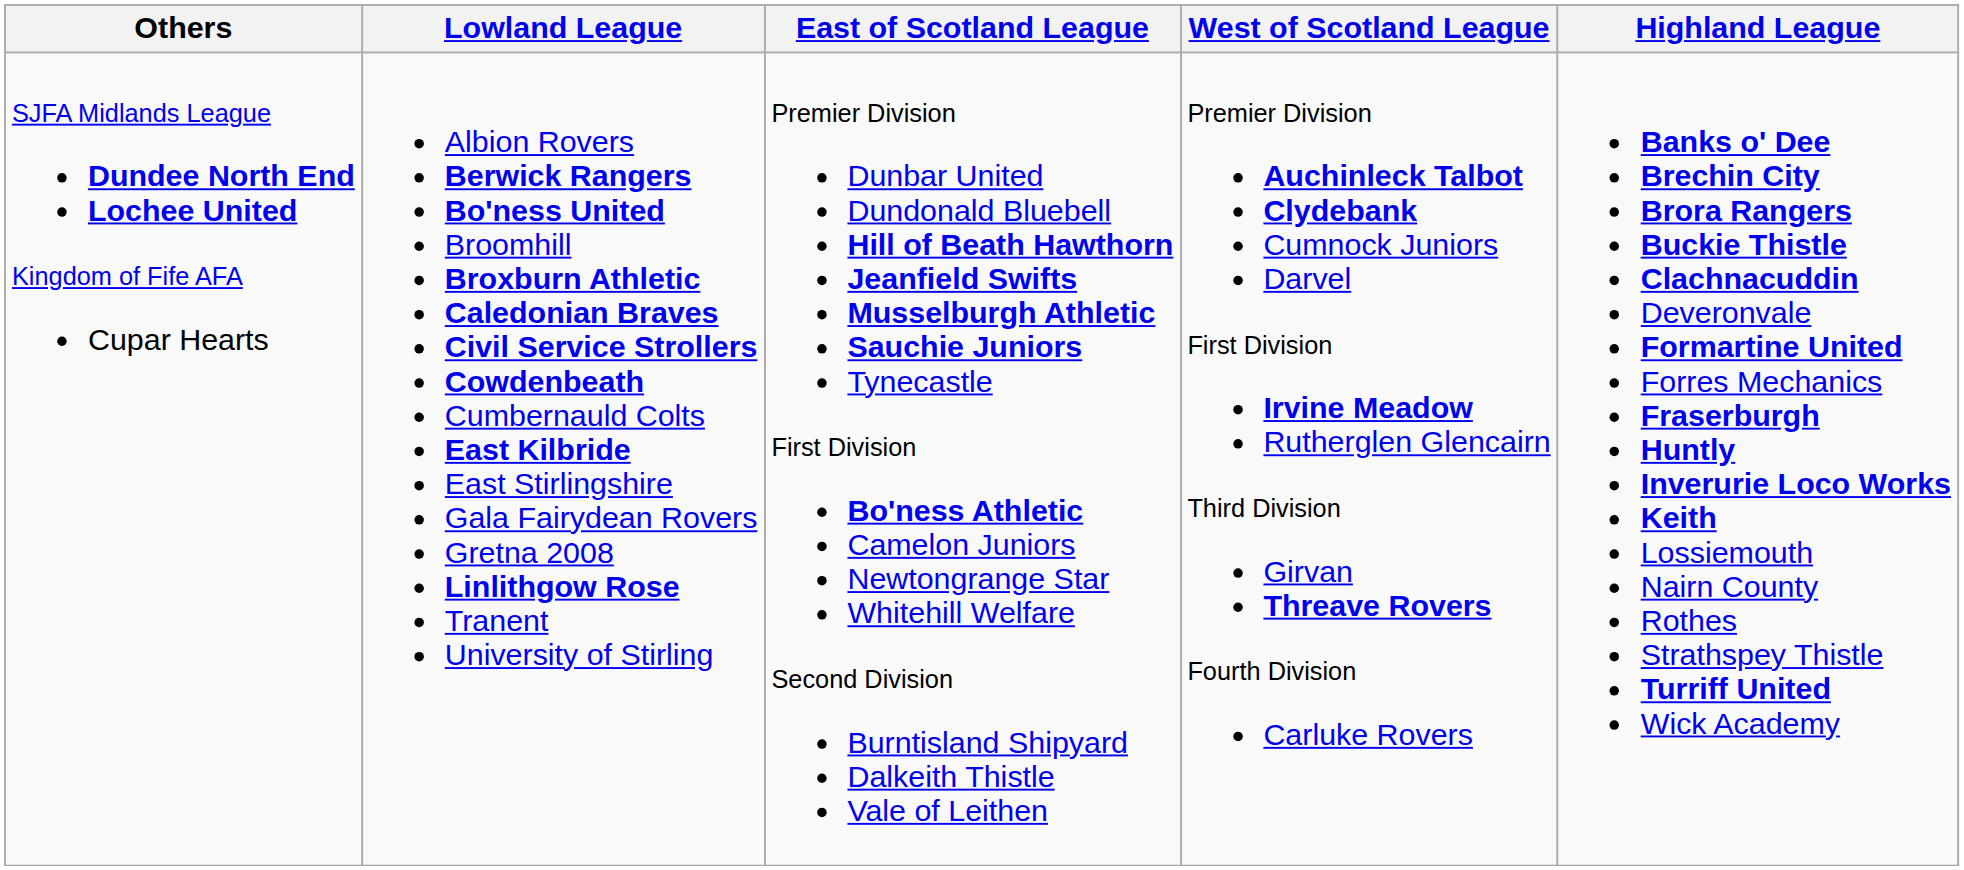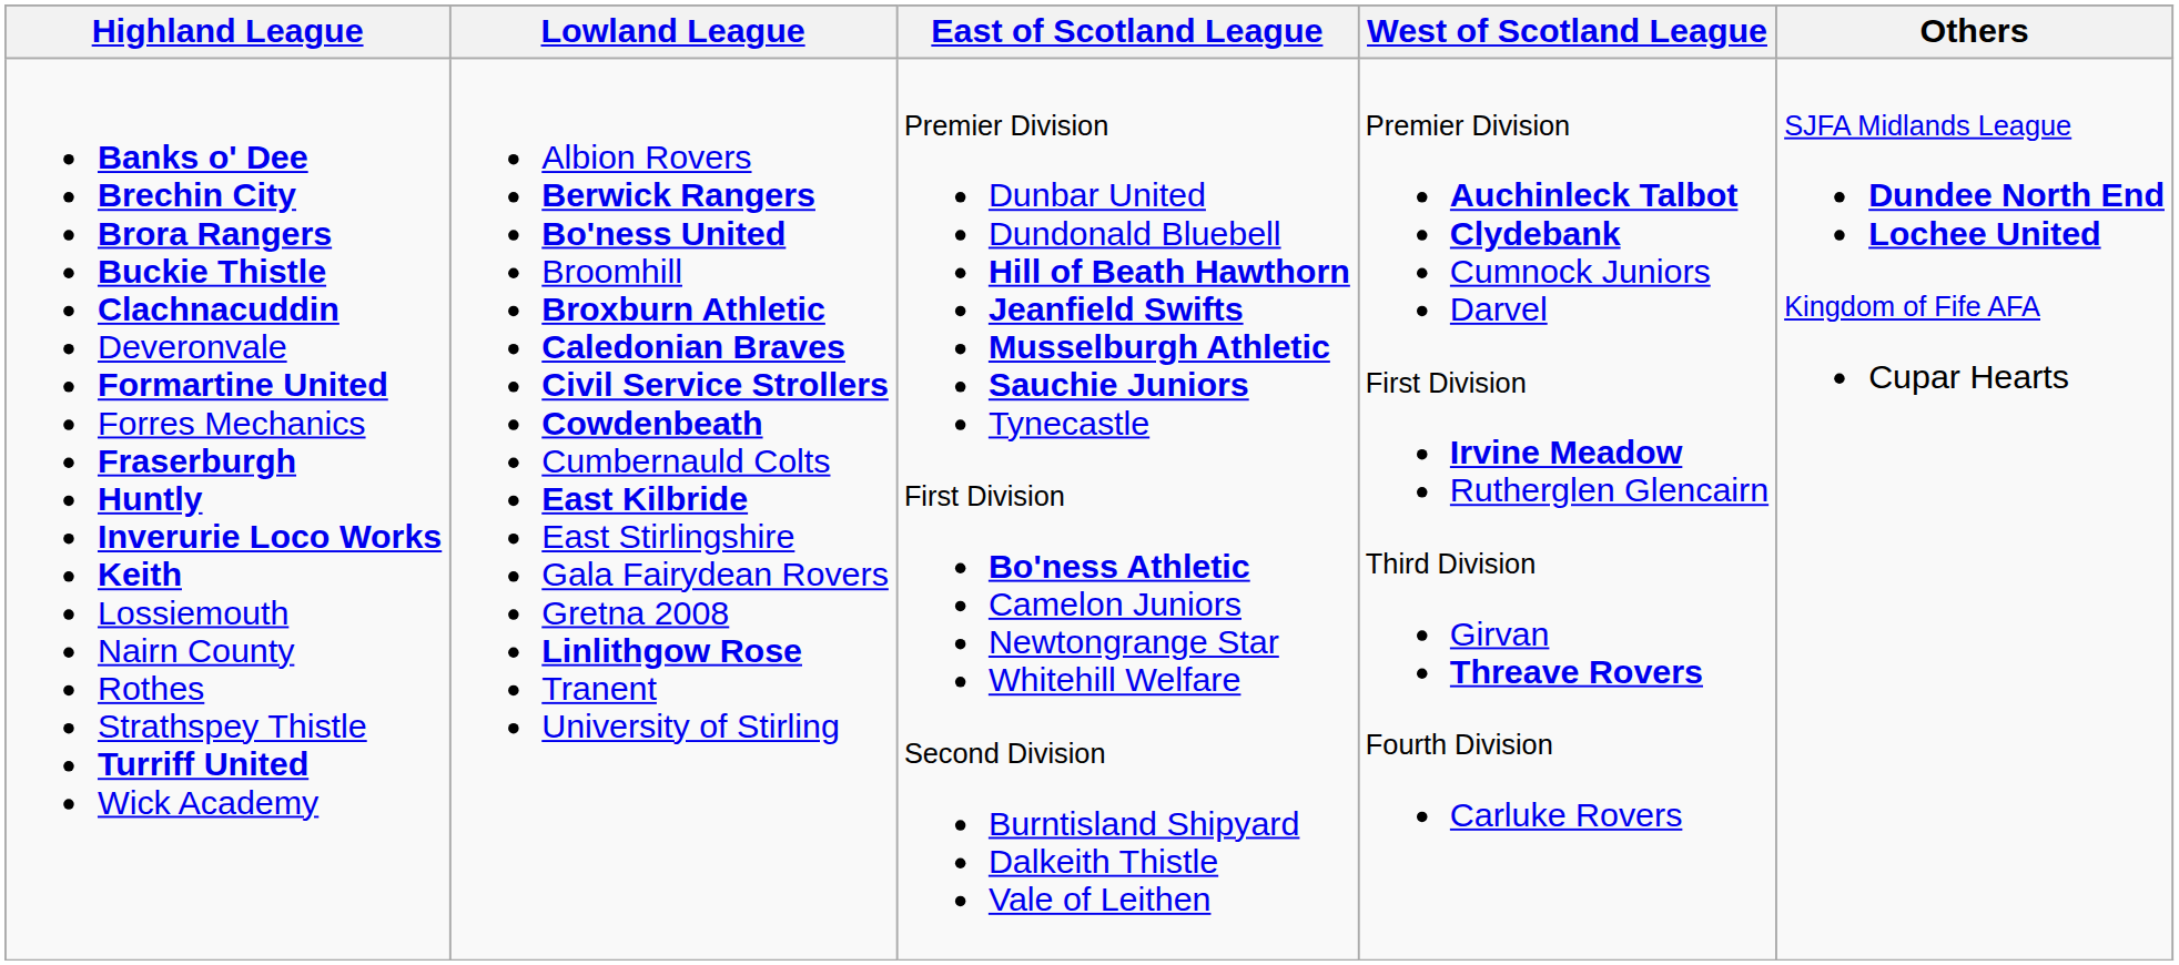 <table class="wikitable" style="text-align:left">
 <tr>
-<th>Others</th>
+<th><a href='#'>Highland League</a></th>
 <th><a href='#'>Lowland League</a></th>
 <th><a href='#'>East of Scotland League</a></th>
 <th><a href='#'>West of Scotland League</a></th>
-<th><a href='#'>Highland League</a></th>
+<th>Others</th>
 </tr>
 <tr>
-<td valign=top><br><small><a href='#'>SJFA Midlands League</a></small><ul><li><strong><a href='#'>Dundee North End</a></strong></li><li><strong><a href='#'>Lochee United</a></strong></li></ul><small><a href='#'>Kingdom of Fife AFA</a></small><ul><li>Cupar Hearts</li></ul></td>
+<td valign=top><br><ul><li><strong><a href='#'>Banks o' Dee</a></strong></li><li><strong><a href='#'>Brechin City</a></strong></li><li><strong><a href='#'>Brora Rangers</a></strong></li><li><strong><a href='#'>Buckie Thistle</a></strong></li><li><strong><a href='#'>Clachnacuddin</a></strong></li><li><a href='#'>Deveronvale</a></li><li><strong><a href='#'>Formartine United</a></strong></li><li><a href='#'>Forres Mechanics</a></li><li><strong><a href='#'>Fraserburgh</a></strong></li><li><strong><a href='#'>Huntly</a></strong></li><li><strong><a href='#'>Inverurie Loco Works</a></strong></li><li><strong><a href='#'>Keith</a></strong></li><li><a href='#'>Lossiemouth</a></li><li><a href='#'>Nairn County</a></li><li><a href='#'>Rothes</a></li><li><a href='#'>Strathspey Thistle</a></li><li><strong><a href='#'>Turriff United</a></strong></li><li><a href='#'>Wick Academy</a></li></ul></td>
 <td valign=top><br><ul><li><a href='#'>Albion Rovers</a></li><li><strong><a href='#'>Berwick Rangers</a></strong></li><li><strong><a href='#'>Bo'ness United</a></strong></li><li><a href='#'>Broomhill</a></li><li><strong><a href='#'>Broxburn Athletic</a></strong></li><li><strong><a href='#'>Caledonian Braves</a></strong></li><li><strong><a href='#'>Civil Service Strollers</a></strong></li><li><strong><a href='#'>Cowdenbeath</a></strong></li><li><a href='#'>Cumbernauld Colts</a></li><li><strong><a href='#'>East Kilbride</a></strong></li><li><a href='#'>East Stirlingshire</a></li><li><a href='#'>Gala Fairydean Rovers</a></li><li><a href='#'>Gretna 2008</a></li><li><strong><a href='#'>Linlithgow Rose</a></strong></li><li><a href='#'>Tranent</a></li><li><a href='#'>University of Stirling</a></li></ul></td>
 <td valign=top><br><small>Premier Division</small><ul><li><a href='#'>Dunbar United</a></li><li><a href='#'>Dundonald Bluebell</a></li><li><strong><a href='#'>Hill of Beath Hawthorn</a></strong></li><li><strong><a href='#'>Jeanfield Swifts</a></strong></li><li><strong><a href='#'>Musselburgh Athletic</a></strong></li><li><strong><a href='#'>Sauchie Juniors</a></strong></li><li><a href='#'>Tynecastle</a></li></ul><small>First Division</small><ul><li><strong><a href='#'>Bo'ness Athletic</a></strong></li><li><a href='#'>Camelon Juniors</a></li><li><a href='#'>Newtongrange Star</a></li><li><a href='#'>Whitehill Welfare</a></li></ul><small>Second Division</small><ul><li><a href='#'>Burntisland Shipyard</a></li><li><a href='#'>Dalkeith Thistle</a></li><li><a href='#'>Vale of Leithen</a></li></ul></td>
 <td valign=top><br><small>Premier Division</small><ul><li><strong><a href='#'>Auchinleck Talbot</a></strong></li><li><strong><a href='#'>Clydebank</a></strong></li><li><a href='#'>Cumnock Juniors</a></li><li><a href='#'>Darvel</a></li></ul><small>First Division</small><ul><li><strong><a href='#'>Irvine Meadow</a></strong></li><li><a href='#'>Rutherglen Glencairn</a></li></ul><small>Third Division</small><ul><li><a href='#'>Girvan</a></li><li><strong><a href='#'>Threave Rovers</a></strong></li></ul><small>Fourth Division</small><ul><li><a href='#'>Carluke Rovers</a></li></ul></td>
-<td valign=top><br><ul><li><strong><a href='#'>Banks o' Dee</a></strong></li><li><strong><a href='#'>Brechin City</a></strong></li><li><strong><a href='#'>Brora Rangers</a></strong></li><li><strong><a href='#'>Buckie Thistle</a></strong></li><li><strong><a href='#'>Clachnacuddin</a></strong></li><li><a href='#'>Deveronvale</a></li><li><strong><a href='#'>Formartine United</a></strong></li><li><a href='#'>Forres Mechanics</a></li><li><strong><a href='#'>Fraserburgh</a></strong></li><li><strong><a href='#'>Huntly</a></strong></li><li><strong><a href='#'>Inverurie Loco Works</a></strong></li><li><strong><a href='#'>Keith</a></strong></li><li><a href='#'>Lossiemouth</a></li><li><a href='#'>Nairn County</a></li><li><a href='#'>Rothes</a></li><li><a href='#'>Strathspey Thistle</a></li><li><strong><a href='#'>Turriff United</a></strong></li><li><a href='#'>Wick Academy</a></li></ul></td>
+<td valign=top><br><small><a href='#'>SJFA Midlands League</a></small><ul><li><strong><a href='#'>Dundee North End</a></strong></li><li><strong><a href='#'>Lochee United</a></strong></li></ul><small><a href='#'>Kingdom of Fife AFA</a></small><ul><li>Cupar Hearts</li></ul></td>
 </tr>
 </table>
